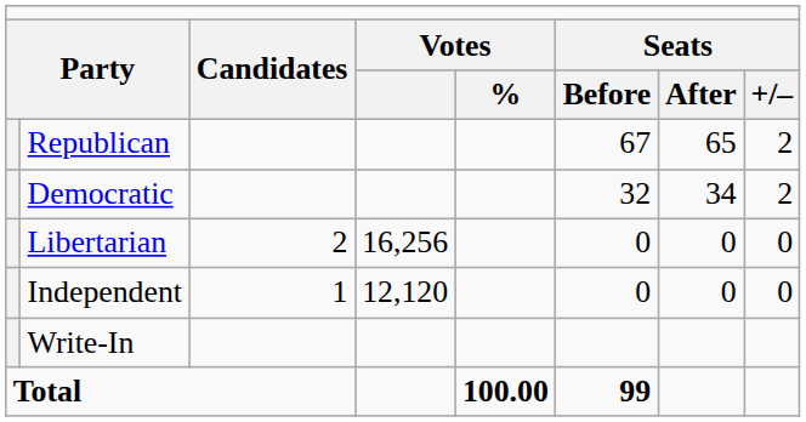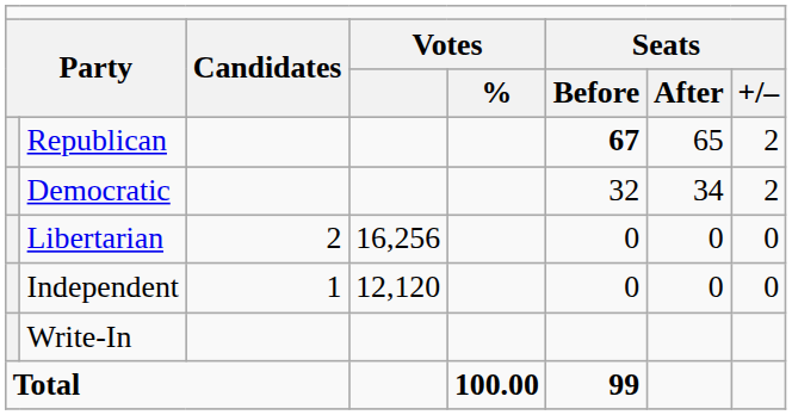 <table class="wikitable">
 <tr>
 <td colspan=13 align=center></td>
 </tr>
 <tr>
 <th rowspan="2" colspan="2">Party</th>
 <th rowspan="2">Candidates</th>
 <th colspan="2">Votes</th>
 <th colspan="3">Seats</th>
 </tr>
 <tr>
 <th></th>
 <th>%</th>
 <th>Before</th>
 <th>After</th>
 <th>+/–</th>
 </tr>
 <tr>
 <th style="background-color:"></th>
 <td><a href='#'>Republican</a></td>
 <td align="right"></td>
 <td align="right"></td>
 <td align="right"></td>
-<td align="right" >67</td>
+<td align="right" ><strong>67</strong></td>
 <td align="right" >65</td>
 <td align="right"> 2</td>
 </tr>
 <tr>
 <th style="background-color:"></th>
 <td><a href='#'>Democratic</a></td>
 <td align="right"></td>
 <td align="right"></td>
 <td align="right"></td>
 <td align="right">32</td>
 <td align="right">34</td>
 <td align="right"> 2</td>
 </tr>
 <tr>
 <th style="background-color:"></th>
 <td><a href='#'>Libertarian</a></td>
 <td align="right">2</td>
 <td align="right">16,256</td>
 <td align="right"></td>
 <td align="right">0</td>
 <td align="right">0</td>
 <td align="right">0</td>
 </tr>
 <tr>
 <th></th>
 <td>Independent</td>
 <td align="right">1</td>
 <td align="right">12,120</td>
 <td align="right"></td>
 <td align="right">0</td>
 <td align="right">0</td>
 <td align="right">0</td>
 </tr>
 <tr>
 <th></th>
 <td>Write-In</td>
 <td align="right"></td>
 <td align="right"></td>
 <td align="right"></td>
 <td></td>
 <td></td>
 <td></td>
 </tr>
 <tr>
 <td colspan="3" align="left"><strong>Total</strong></td>
 <td align="right"></td>
 <td align="right"><strong>100.00</strong></td>
 <td align="right"><strong>99</strong></td>
 <td align="right"></td>
 <td align="right"></td>
 </tr>
 </table>
